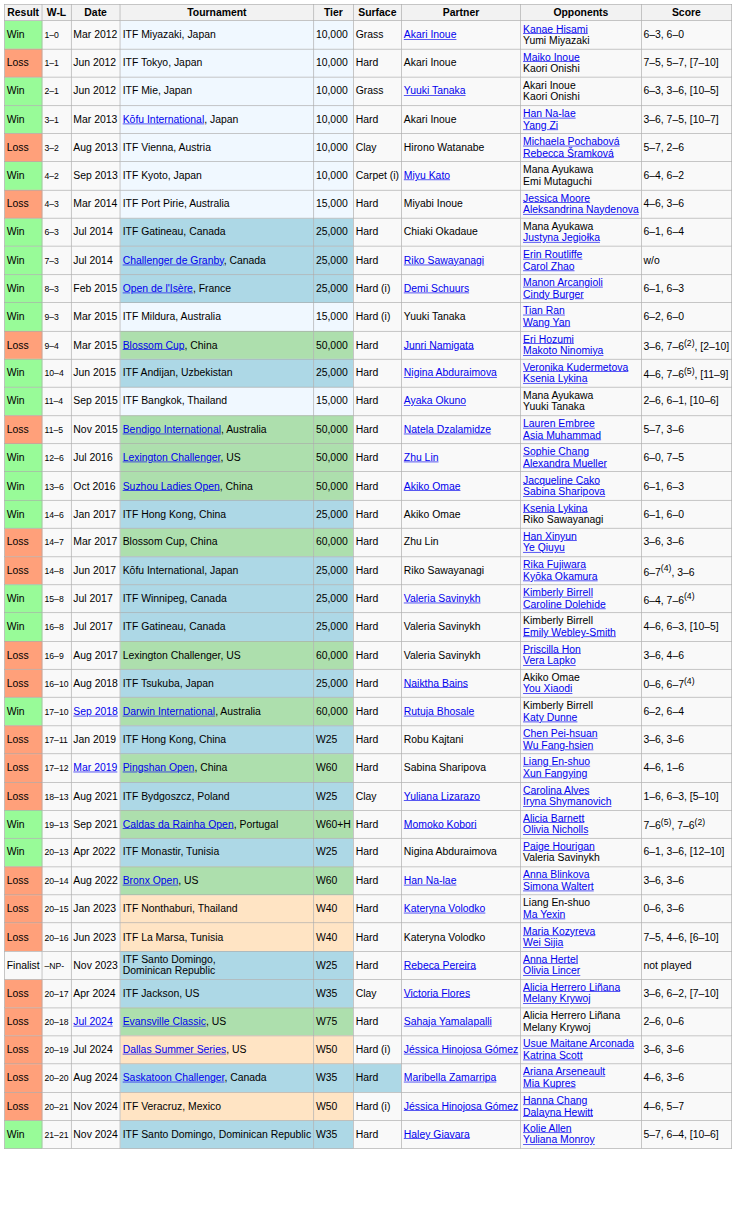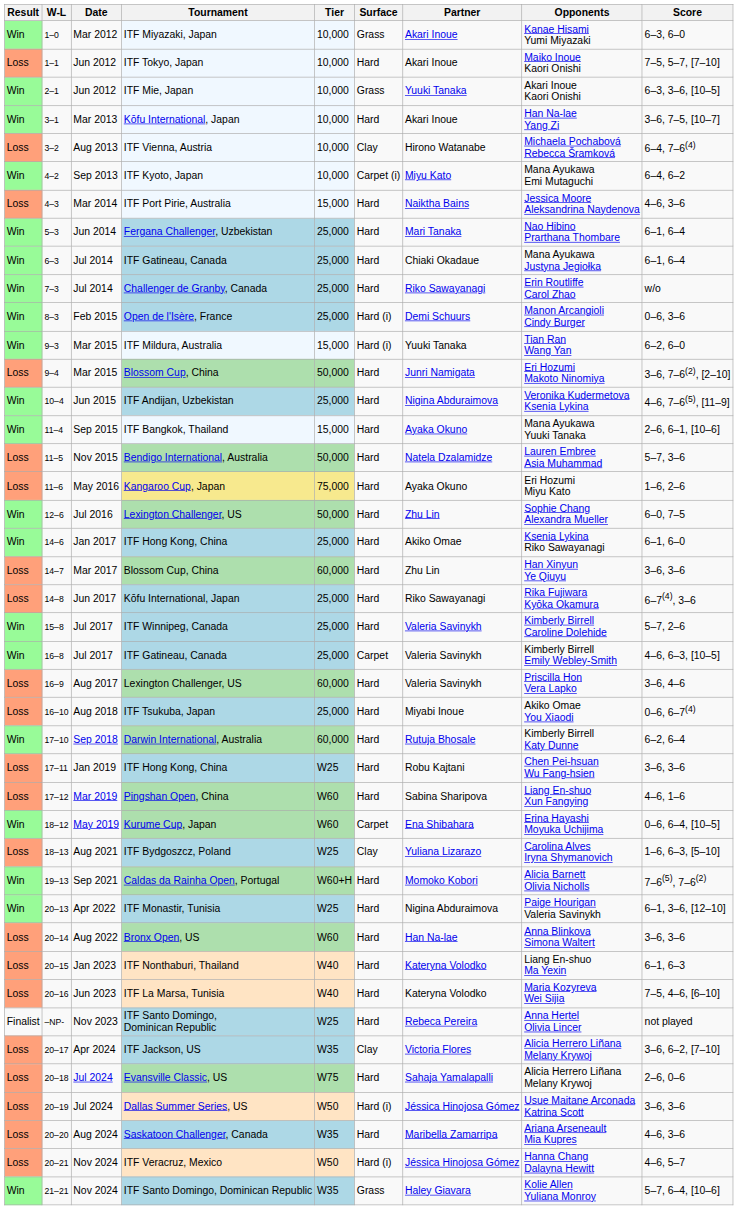 <table class="sortable wikitable">
 <tr>
 <th>Result</th>
 <th class="unsortable">W-L</th>
 <th>Date</th>
 <th>Tournament</th>
 <th>Tier</th>
 <th>Surface</th>
 <th>Partner</th>
 <th>Opponents</th>
 <th class="unsortable">Score</th>
 </tr>
 <tr>
 <td style="background:#98fb98;">Win</td>
 <td><small>1–0</small></td>
 <td>Mar 2012</td>
 <td style="background:#f0f8ff;">ITF Miyazaki, Japan</td>
 <td style="background:#f0f8ff;">10,000</td>
 <td>Grass</td>
 <td> <a href='#'>Akari Inoue</a></td>
 <td> <a href='#'>Kanae Hisami</a> <br>  Yumi Miyazaki</td>
 <td>6–3, 6–0</td>
 </tr>
 <tr>
 <td style="background:#ffa07a;">Loss</td>
 <td><small>1–1</small></td>
 <td>Jun 2012</td>
 <td style="background:#f0f8ff;">ITF Tokyo, Japan</td>
 <td style="background:#f0f8ff;">10,000</td>
 <td>Hard</td>
 <td> Akari Inoue</td>
 <td> <a href='#'>Maiko Inoue</a> <br>  Kaori Onishi</td>
 <td>7–5, 5–7, [7–10]</td>
 </tr>
 <tr>
 <td style="background:#98fb98;">Win</td>
 <td><small>2–1</small></td>
 <td>Jun 2012</td>
 <td style="background:#f0f8ff;">ITF Mie, Japan</td>
 <td style="background:#f0f8ff;">10,000</td>
 <td>Grass</td>
 <td> <a href='#'>Yuuki Tanaka</a></td>
 <td> Akari Inoue <br>  Kaori Onishi</td>
 <td>6–3, 3–6, [10–5]</td>
 </tr>
 <tr>
 <td style="background:#98fb98;">Win</td>
 <td><small>3–1</small></td>
 <td>Mar 2013</td>
 <td style="background:#f0f8ff;"><a href='#'>Kōfu International</a>, Japan</td>
 <td style="background:#f0f8ff;">10,000</td>
 <td>Hard</td>
 <td> Akari Inoue</td>
 <td> <a href='#'>Han Na-lae</a> <br>  <a href='#'>Yang Zi</a></td>
 <td>3–6, 7–5, [10–7]</td>
 </tr>
 <tr>
 <td style="background:#ffa07a;">Loss</td>
 <td><small>3–2</small></td>
 <td>Aug 2013</td>
 <td style="background:#f0f8ff;">ITF Vienna, Austria</td>
 <td style="background:#f0f8ff;">10,000</td>
 <td>Clay</td>
 <td> Hirono Watanabe</td>
 <td> <a href='#'>Michaela Pochabová</a> <br>  <a href='#'>Rebecca Šramková</a></td>
-<td>5–7, 2–6</td>
+<td>6–4, 7–6<sup>(4)</sup></td>
 </tr>
 <tr>
 <td style="background:#98fb98;">Win</td>
 <td><small>4–2</small></td>
 <td>Sep 2013</td>
 <td style="background:#f0f8ff;">ITF Kyoto, Japan</td>
 <td style="background:#f0f8ff;">10,000</td>
 <td>Carpet (i)</td>
 <td> <a href='#'>Miyu Kato</a></td>
 <td> Mana Ayukawa <br>  Emi Mutaguchi</td>
 <td>6–4, 6–2</td>
 </tr>
 <tr>
 <td style="background:#ffa07a;">Loss</td>
 <td><small>4–3</small></td>
 <td>Mar 2014</td>
 <td style="background:#f0f8ff;">ITF Port Pirie, Australia</td>
 <td style="background:#f0f8ff;">15,000</td>
 <td>Hard</td>
-<td> Miyabi Inoue</td>
+<td> <a href='#'>Naiktha Bains</a></td>
 <td> <a href='#'>Jessica Moore</a> <br>  <a href='#'>Aleksandrina Naydenova</a></td>
 <td>4–6, 3–6</td>
+</tr>
+<tr>
+<td style="background:#98fb98;">Win</td>
+<td><small>5–3</small></td>
+<td>Jun 2014</td>
+<td style="background:lightblue;"><a href='#'>Fergana Challenger</a>, Uzbekistan</td>
+<td style="background:lightblue;">25,000</td>
+<td>Hard</td>
+<td> <a href='#'>Mari Tanaka</a></td>
+<td> <a href='#'>Nao Hibino</a> <br>  <a href='#'>Prarthana Thombare</a></td>
+<td>6–1, 6–4</td>
 </tr>
 <tr>
 <td style="background:#98fb98;">Win</td>
 <td><small>6–3</small></td>
 <td>Jul 2014</td>
 <td style="background:lightblue;">ITF Gatineau, Canada</td>
 <td style="background:lightblue;">25,000</td>
 <td>Hard</td>
 <td> Chiaki Okadaue</td>
 <td> Mana Ayukawa <br>  <a href='#'>Justyna Jegiołka</a></td>
 <td>6–1, 6–4</td>
 </tr>
 <tr>
 <td style="background:#98fb98;">Win</td>
 <td><small>7–3</small></td>
 <td>Jul 2014</td>
 <td style="background:lightblue;"><a href='#'>Challenger de Granby</a>, Canada</td>
 <td style="background:lightblue;">25,000</td>
 <td>Hard</td>
 <td> <a href='#'>Riko Sawayanagi</a></td>
 <td> <a href='#'>Erin Routliffe</a> <br>  <a href='#'>Carol Zhao</a></td>
 <td>w/o</td>
 </tr>
 <tr>
 <td style="background:#98fb98;">Win</td>
 <td><small>8–3</small></td>
 <td>Feb 2015</td>
 <td style="background:lightblue;"><a href='#'>Open de l'Isère</a>, France</td>
 <td style="background:lightblue;">25,000</td>
 <td>Hard (i)</td>
 <td> <a href='#'>Demi Schuurs</a></td>
 <td> <a href='#'>Manon Arcangioli</a> <br>  <a href='#'>Cindy Burger</a></td>
-<td>6–1, 6–3</td>
+<td>0–6, 3–6</td>
 </tr>
 <tr>
 <td style="background:#98fb98;">Win</td>
 <td><small>9–3</small></td>
 <td>Mar 2015</td>
 <td style="background:#f0f8ff;">ITF Mildura, Australia</td>
 <td style="background:#f0f8ff;">15,000</td>
 <td>Hard (i)</td>
 <td> Yuuki Tanaka</td>
 <td> <a href='#'>Tian Ran</a> <br>  <a href='#'>Wang Yan</a></td>
 <td>6–2, 6–0</td>
 </tr>
 <tr>
 <td style="background:#ffa07a;">Loss</td>
 <td><small>9–4</small></td>
 <td>Mar 2015</td>
 <td style="background:#addfad;"><a href='#'>Blossom Cup</a>, China</td>
 <td style="background:#addfad;">50,000</td>
 <td>Hard</td>
 <td> <a href='#'>Junri Namigata</a></td>
 <td> <a href='#'>Eri Hozumi</a> <br>  <a href='#'>Makoto Ninomiya</a></td>
 <td>3–6, 7–6<sup>(2)</sup>, [2–10]</td>
 </tr>
 <tr>
 <td style="background:#98fb98;">Win</td>
 <td><small>10–4</small></td>
 <td>Jun 2015</td>
 <td style="background:lightblue;">ITF Andijan, Uzbekistan</td>
 <td style="background:lightblue;">25,000</td>
 <td>Hard</td>
 <td> <a href='#'>Nigina Abduraimova</a></td>
 <td> <a href='#'>Veronika Kudermetova</a> <br>  <a href='#'>Ksenia Lykina</a></td>
 <td>4–6, 7–6<sup>(5)</sup>, [11–9]</td>
 </tr>
 <tr>
 <td style="background:#98fb98;">Win</td>
 <td><small>11–4</small></td>
 <td>Sep 2015</td>
 <td style="background:#f0f8ff;">ITF Bangkok, Thailand</td>
 <td style="background:#f0f8ff;">15,000</td>
 <td>Hard</td>
 <td> <a href='#'>Ayaka Okuno</a></td>
 <td> Mana Ayukawa <br>  Yuuki Tanaka</td>
 <td>2–6, 6–1, [10–6]</td>
 </tr>
 <tr>
 <td style="background:#ffa07a;">Loss</td>
 <td><small>11–5</small></td>
 <td>Nov 2015</td>
 <td style="background:#addfad;"><a href='#'>Bendigo International</a>, Australia</td>
 <td style="background:#addfad;">50,000</td>
 <td>Hard</td>
 <td> <a href='#'>Natela Dzalamidze</a></td>
 <td> <a href='#'>Lauren Embree</a> <br>  <a href='#'>Asia Muhammad</a></td>
 <td>5–7, 3–6</td>
 </tr>
 <tr>
+<td style="background:#ffa07a;">Loss</td>
+<td><small>11–6</small></td>
+<td>May 2016</td>
+<td style="background:#f7e98e;"><a href='#'>Kangaroo Cup</a>, Japan</td>
+<td style="background:#f7e98e;">75,000</td>
+<td>Hard</td>
+<td> Ayaka Okuno</td>
+<td> Eri Hozumi <br>  Miyu Kato</td>
+<td>1–6, 2–6</td>
+</tr>
+<tr>
 <td style="background:#98fb98;">Win</td>
 <td><small>12–6</small></td>
 <td>Jul 2016</td>
 <td style="background:#addfad;"><a href='#'>Lexington Challenger</a>, US</td>
 <td style="background:#addfad;">50,000</td>
 <td>Hard</td>
 <td> <a href='#'>Zhu Lin</a></td>
 <td> <a href='#'>Sophie Chang</a> <br>  <a href='#'>Alexandra Mueller</a></td>
 <td>6–0, 7–5</td>
-</tr>
-<tr>
-<td style="background:#98fb98;">Win</td>
-<td><small>13–6</small></td>
-<td>Oct 2016</td>
-<td style="background:#addfad;"><a href='#'>Suzhou Ladies Open</a>, China</td>
-<td style="background:#addfad;">50,000</td>
-<td>Hard</td>
-<td> <a href='#'>Akiko Omae</a></td>
-<td> <a href='#'>Jacqueline Cako</a> <br>  <a href='#'>Sabina Sharipova</a></td>
-<td>6–1, 6–3</td>
 </tr>
 <tr>
 <td style="background:#98fb98;">Win</td>
 <td><small>14–6</small></td>
 <td>Jan 2017</td>
 <td style="background:lightblue;">ITF Hong Kong, China</td>
 <td style="background:lightblue;">25,000</td>
 <td>Hard</td>
 <td> Akiko Omae</td>
 <td> <a href='#'>Ksenia Lykina</a> <br>  Riko Sawayanagi</td>
 <td>6–1, 6–0</td>
 </tr>
 <tr>
 <td style="background:#ffa07a;">Loss</td>
 <td><small>14–7</small></td>
 <td>Mar 2017</td>
 <td style="background:#addfad;">Blossom Cup, China</td>
 <td style="background:#addfad;">60,000</td>
 <td>Hard</td>
 <td> Zhu Lin</td>
 <td> <a href='#'>Han Xinyun</a> <br>  <a href='#'>Ye Qiuyu</a></td>
 <td>3–6, 3–6</td>
 </tr>
 <tr>
 <td style="background:#ffa07a;">Loss</td>
 <td><small>14–8</small></td>
 <td>Jun 2017</td>
 <td style="background:lightblue;">Kōfu International, Japan</td>
 <td style="background:lightblue;">25,000</td>
 <td>Hard</td>
 <td> Riko Sawayanagi</td>
 <td> <a href='#'>Rika Fujiwara</a> <br>  <a href='#'>Kyōka Okamura</a></td>
 <td>6–7<sup>(4)</sup>, 3–6</td>
 </tr>
 <tr>
 <td style="background:#98fb98;">Win</td>
 <td><small>15–8</small></td>
 <td>Jul 2017</td>
 <td style="background:lightblue;">ITF Winnipeg, Canada</td>
 <td style="background:lightblue;">25,000</td>
 <td>Hard</td>
 <td> <a href='#'>Valeria Savinykh</a></td>
 <td> <a href='#'>Kimberly Birrell</a> <br>  <a href='#'>Caroline Dolehide</a></td>
-<td>6–4, 7–6<sup>(4)</sup></td>
+<td>5–7, 2–6</td>
 </tr>
 <tr>
 <td style="background:#98fb98;">Win</td>
 <td><small>16–8</small></td>
 <td>Jul 2017</td>
 <td style="background:lightblue;">ITF Gatineau, Canada</td>
 <td style="background:lightblue;">25,000</td>
-<td>Hard</td>
+<td>Carpet</td>
 <td> Valeria Savinykh</td>
 <td> Kimberly Birrell <br>  <a href='#'>Emily Webley-Smith</a></td>
 <td>4–6, 6–3, [10–5]</td>
 </tr>
 <tr>
 <td style="background:#ffa07a;">Loss</td>
 <td><small>16–9</small></td>
 <td>Aug 2017</td>
 <td style="background:#addfad;">Lexington Challenger, US</td>
 <td style="background:#addfad;">60,000</td>
 <td>Hard</td>
 <td> Valeria Savinykh</td>
 <td> <a href='#'>Priscilla Hon</a> <br>  <a href='#'>Vera Lapko</a></td>
 <td>3–6, 4–6</td>
 </tr>
 <tr>
 <td style="background:#ffa07a;">Loss</td>
 <td><small>16–10</small></td>
 <td>Aug 2018</td>
 <td style="background:lightblue;">ITF Tsukuba, Japan</td>
 <td style="background:lightblue;">25,000</td>
 <td>Hard</td>
-<td> <a href='#'>Naiktha Bains</a></td>
+<td> Miyabi Inoue</td>
 <td> Akiko Omae <br>  <a href='#'>You Xiaodi</a></td>
 <td>0–6, 6–7<sup>(4)</sup></td>
 </tr>
 <tr>
 <td style="background:#98fb98;">Win</td>
 <td><small>17–10</small></td>
 <td><a href='#'>Sep 2018</a></td>
 <td style="background:#addfad;"><a href='#'>Darwin International</a>, Australia</td>
 <td style="background:#addfad;">60,000</td>
 <td>Hard</td>
 <td> <a href='#'>Rutuja Bhosale</a></td>
 <td> Kimberly Birrell <br>  <a href='#'>Katy Dunne</a></td>
 <td>6–2, 6–4</td>
 </tr>
 <tr>
 <td style="background:#ffa07a;">Loss</td>
 <td><small>17–11</small></td>
 <td>Jan 2019</td>
 <td style="background:lightblue;">ITF Hong Kong, China</td>
 <td style="background:lightblue;">W25</td>
 <td>Hard</td>
 <td> Robu Kajtani</td>
 <td> <a href='#'>Chen Pei-hsuan</a> <br>  <a href='#'>Wu Fang-hsien</a></td>
 <td>3–6, 3–6</td>
 </tr>
 <tr>
 <td style="background:#ffa07a;">Loss</td>
 <td><small>17–12</small></td>
 <td><a href='#'>Mar 2019</a></td>
 <td style="background:#addfad;"><a href='#'>Pingshan Open</a>, China</td>
 <td style="background:#addfad;">W60</td>
 <td>Hard</td>
 <td> Sabina Sharipova</td>
 <td> <a href='#'>Liang En-shuo</a> <br>  <a href='#'>Xun Fangying</a></td>
 <td>4–6, 1–6</td>
+</tr>
+<tr>
+<td style="background:#98fb98;">Win</td>
+<td><small>18–12</small></td>
+<td><a href='#'>May 2019</a></td>
+<td style="background:#addfad;"><a href='#'>Kurume Cup</a>, Japan</td>
+<td style="background:#addfad;">W60</td>
+<td>Carpet</td>
+<td> <a href='#'>Ena Shibahara</a></td>
+<td> <a href='#'>Erina Hayashi</a> <br>  <a href='#'>Moyuka Uchijima</a></td>
+<td>0–6, 6–4, [10–5]</td>
 </tr>
 <tr>
 <td style="background:#ffa07a;">Loss</td>
 <td><small>18–13</small></td>
 <td>Aug 2021</td>
 <td style="background:lightblue;">ITF Bydgoszcz, Poland</td>
 <td style="background:lightblue;">W25</td>
 <td>Clay</td>
 <td> <a href='#'>Yuliana Lizarazo</a></td>
 <td> <a href='#'>Carolina Alves</a> <br>  <a href='#'>Iryna Shymanovich</a></td>
 <td>1–6, 6–3, [5–10]</td>
 </tr>
 <tr>
 <td style="background:#98fb98;">Win</td>
 <td><small>19–13</small></td>
 <td>Sep 2021</td>
 <td style="background:#addfad;"><a href='#'>Caldas da Rainha Open</a>, Portugal</td>
 <td style="background:#addfad;">W60+H</td>
 <td>Hard</td>
 <td> <a href='#'>Momoko Kobori</a></td>
 <td> <a href='#'>Alicia Barnett</a> <br>  <a href='#'>Olivia Nicholls</a></td>
 <td>7–6<sup>(5)</sup>, 7–6<sup>(2)</sup></td>
 </tr>
 <tr>
 <td style="background:#98fb98;">Win</td>
 <td><small>20–13</small></td>
 <td>Apr 2022</td>
 <td style="background:lightblue;">ITF Monastir, Tunisia</td>
 <td style="background:lightblue;">W25</td>
 <td>Hard</td>
 <td> Nigina Abduraimova</td>
 <td> <a href='#'>Paige Hourigan</a> <br>  Valeria Savinykh</td>
 <td>6–1, 3–6, [12–10]</td>
 </tr>
 <tr>
 <td style="background:#ffa07a;">Loss</td>
 <td><small>20–14</small></td>
 <td>Aug 2022</td>
 <td style="background:#addfad;"><a href='#'>Bronx Open</a>, US</td>
 <td style="background:#addfad;">W60</td>
 <td>Hard</td>
 <td> <a href='#'>Han Na-lae</a></td>
 <td> <a href='#'>Anna Blinkova</a> <br>  <a href='#'>Simona Waltert</a></td>
 <td>3–6, 3–6</td>
 </tr>
 <tr>
 <td style="background:#ffa07a;">Loss</td>
 <td><small>20–15</small></td>
 <td>Jan 2023</td>
 <td bgcolor=ffe4c4>ITF Nonthaburi, Thailand</td>
 <td bgcolor=ffe4c4>W40</td>
 <td>Hard</td>
 <td> <a href='#'>Kateryna Volodko</a></td>
 <td> Liang En-shuo <br>  <a href='#'>Ma Yexin</a></td>
-<td>0–6, 3–6</td>
+<td>6–1, 6–3</td>
 </tr>
 <tr>
 <td style="background:#ffa07a;">Loss</td>
 <td><small>20–16</small></td>
 <td>Jun 2023</td>
 <td bgcolor=ffe4c4>ITF La Marsa, Tunisia</td>
 <td bgcolor=ffe4c4>W40</td>
 <td>Hard</td>
 <td> Kateryna Volodko</td>
 <td> <a href='#'>Maria Kozyreva</a> <br>  <a href='#'>Wei Sijia</a></td>
 <td>7–5, 4–6, [6–10]</td>
 </tr>
 <tr>
 <td>Finalist</td>
 <td><small>–NP-</small></td>
 <td>Nov 2023</td>
 <td style="background:lightblue">ITF Santo Domingo, <br>Dominican Republic</td>
 <td style="background:lightblue">W25</td>
 <td>Hard</td>
 <td> <a href='#'>Rebeca Pereira</a></td>
 <td> <a href='#'>Anna Hertel</a> <br>  <a href='#'>Olivia Lincer</a></td>
 <td>not played</td>
 </tr>
 <tr>
 <td style="background:#ffa07a;">Loss</td>
 <td><small>20–17</small></td>
 <td>Apr 2024</td>
 <td style="background:lightblue">ITF Jackson, US</td>
 <td style="background:lightblue">W35</td>
 <td>Clay</td>
 <td> <a href='#'>Victoria Flores</a></td>
 <td> <a href='#'>Alicia Herrero Liñana</a> <br>  <a href='#'>Melany Krywoj</a></td>
 <td>3–6, 6–2, [7–10]</td>
 </tr>
 <tr>
 <td style="background:#ffa07a;">Loss</td>
 <td><small>20–18</small></td>
 <td><a href='#'>Jul 2024</a></td>
 <td style="background:#addfad;"><a href='#'>Evansville Classic</a>, US</td>
 <td style="background:#addfad;">W75</td>
 <td>Hard</td>
 <td> <a href='#'>Sahaja Yamalapalli</a></td>
 <td> Alicia Herrero Liñana <br>  Melany Krywoj</td>
 <td>2–6, 0–6</td>
 </tr>
 <tr>
 <td style="background:#ffa07a;">Loss</td>
 <td><small>20–19</small></td>
 <td>Jul 2024</td>
 <td bgcolor=ffe4c4><a href='#'>Dallas Summer Series</a>, US</td>
 <td bgcolor=ffe4c4>W50</td>
 <td>Hard (i)</td>
 <td> <a href='#'>Jéssica Hinojosa Gómez</a></td>
 <td> <a href='#'>Usue Maitane Arconada</a> <br>  <a href='#'>Katrina Scott</a></td>
 <td>3–6, 3–6</td>
 </tr>
 <tr>
 <td bgcolor=ffa07a>Loss</td>
 <td><small>20–20</small></td>
 <td>Aug 2024</td>
 <td style="background:lightblue;"><a href='#'>Saskatoon Challenger</a>, Canada</td>
 <td style="background:lightblue;">W35</td>
-<td style="background: lightblue;">Hard</td>
+<td>Hard</td>
 <td> <a href='#'>Maribella Zamarripa</a></td>
 <td> <a href='#'>Ariana Arseneault</a> <br>  <a href='#'>Mia Kupres</a></td>
 <td>4–6, 3–6</td>
 </tr>
 <tr>
 <td style="background:#ffa07a;">Loss</td>
 <td><small>20–21</small></td>
 <td>Nov 2024</td>
 <td bgcolor=ffe4c4>ITF Veracruz, Mexico</td>
 <td bgcolor=ffe4c4>W50</td>
 <td>Hard (i)</td>
 <td> <a href='#'>Jéssica Hinojosa Gómez</a></td>
 <td> <a href='#'>Hanna Chang</a> <br>  <a href='#'>Dalayna Hewitt</a></td>
 <td>4–6, 5–7</td>
 </tr>
 <tr>
 <td style="background:#98fb98;">Win</td>
 <td><small>21–21</small></td>
 <td>Nov 2024</td>
 <td style="background:lightblue;">ITF Santo Domingo, Dominican Republic</td>
 <td style="background:lightblue;">W35</td>
-<td>Hard</td>
+<td>Grass</td>
 <td> <a href='#'>Haley Giavara</a></td>
 <td> <a href='#'>Kolie Allen</a> <br>  <a href='#'>Yuliana Monroy</a></td>
 <td>5–7, 6–4, [10–6]</td>
 </tr>
 </table>
